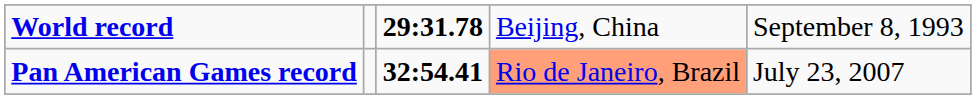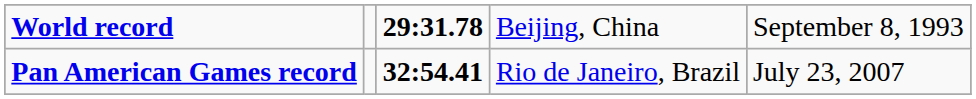 <table class="wikitable">
 <tr>
 <td><strong><a href='#'>World record</a></strong></td>
 <td></td>
 <td><strong>29:31.78</strong></td>
 <td><a href='#'>Beijing</a>, China</td>
 <td>September 8, 1993</td>
 </tr>
 <tr>
 <td><strong><a href='#'>Pan American Games record</a></strong></td>
 <td></td>
 <td><strong>32:54.41</strong></td>
-<td style="background: lightsalmon;"><a href='#'>Rio de Janeiro</a>, Brazil</td>
+<td><a href='#'>Rio de Janeiro</a>, Brazil</td>
 <td>July 23, 2007</td>
 </tr>
 </table>
